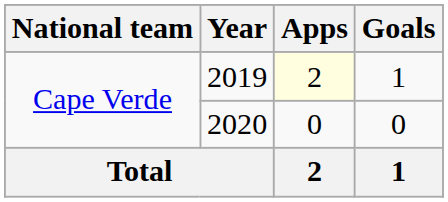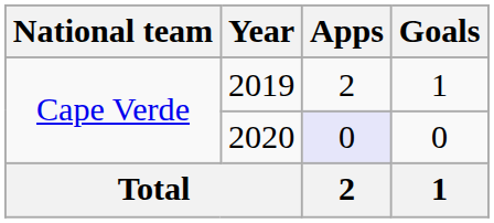 <table class="wikitable" style="text-align:center">
 <tr>
 <th>National team</th>
 <th>Year</th>
 <th>Apps</th>
 <th>Goals</th>
 </tr>
 <tr>
 <td rowspan="2"><a href='#'>Cape Verde</a></td>
 <td>2019</td>
-<td style="background: lightyellow;">2</td>
+<td>2</td>
 <td>1</td>
 </tr>
 <tr>
 <td>2020</td>
-<td>0</td>
+<td style="background: lavender;">0</td>
 <td>0</td>
 </tr>
 <tr>
 <th colspan=2>Total</th>
 <th>2</th>
 <th>1</th>
 </tr>
 </table>
